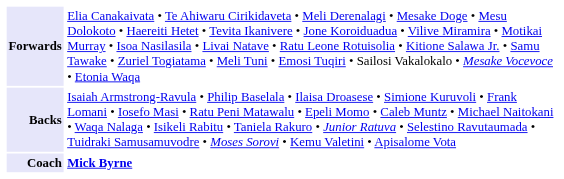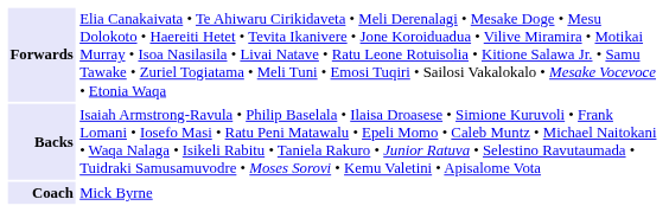 <table cellpadding="2" style="border:1px solid white;font-size:90%">
 <tr>
 <td style="text-align:right" bgcolor="lavender"><strong>Forwards</strong></td>
 <td style="text-align:left"><a href='#'>Elia Canakaivata</a> • <a href='#'>Te Ahiwaru Cirikidaveta</a> • <a href='#'>Meli Derenalagi</a> • <a href='#'>Mesake Doge</a> • <a href='#'>Mesu Dolokoto</a> • <a href='#'>Haereiti Hetet</a> • <a href='#'>Tevita Ikanivere</a> • <a href='#'>Jone Koroiduadua</a> • <a href='#'>Vilive Miramira</a> • <a href='#'>Motikai Murray</a> • <a href='#'>Isoa Nasilasila</a> • <a href='#'>Livai Natave</a> • <a href='#'>Ratu Leone Rotuisolia</a> • <a href='#'>Kitione Salawa Jr.</a> • <a href='#'>Samu Tawake</a> • <a href='#'>Zuriel Togiatama</a> • <a href='#'>Meli Tuni</a> • <a href='#'>Emosi Tuqiri</a> • Sailosi Vakalokalo • <em><a href='#'>Mesake Vocevoce</a></em> • <a href='#'>Etonia Waqa</a></td>
 </tr>
 <tr>
 <td style="text-align:right" bgcolor="lavender"><strong>Backs</strong></td>
 <td style="text-align:left"><a href='#'>Isaiah Armstrong-Ravula</a> • <a href='#'>Philip Baselala</a> • <a href='#'>Ilaisa Droasese</a> • <a href='#'>Simione Kuruvoli</a> • <a href='#'>Frank Lomani</a> • <a href='#'>Iosefo Masi</a> • <a href='#'>Ratu Peni Matawalu</a> • <a href='#'>Epeli Momo</a> • <a href='#'>Caleb Muntz</a> • <a href='#'>Michael Naitokani</a> • <a href='#'>Waqa Nalaga</a> • <a href='#'>Isikeli Rabitu</a> • <a href='#'>Taniela Rakuro</a> • <em><a href='#'>Junior Ratuva</a></em> • <a href='#'>Selestino Ravutaumada</a> • <a href='#'>Tuidraki Samusamuvodre</a> • <em><a href='#'>Moses Sorovi</a></em> • <a href='#'>Kemu Valetini</a> • <a href='#'>Apisalome Vota</a></td>
 </tr>
 <tr>
 <td style="text-align:right" bgcolor="lavender"><strong>Coach</strong></td>
-<td style="text-align:left"><strong><a href='#'>Mick Byrne</a></strong></td>
+<td style="text-align:left"><a href='#'>Mick Byrne</a></td>
 </tr>
 </table>
